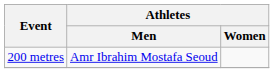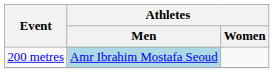 <table class=wikitable style="font-size:90%">
 <tr>
 <th rowspan=2>Event</th>
 <th colspan=2>Athletes</th>
 </tr>
 <tr>
 <th>Men</th>
 <th>Women</th>
 </tr>
 <tr>
 <td><a href='#'>200 metres</a></td>
-<td><a href='#'>Amr Ibrahim Mostafa Seoud</a></td>
+<td style="background: lightblue;"><a href='#'>Amr Ibrahim Mostafa Seoud</a></td>
 <td></td>
 </tr>
 <tr>
 </tr>
 </table>
